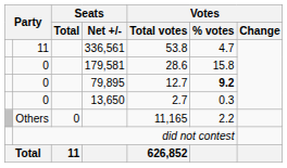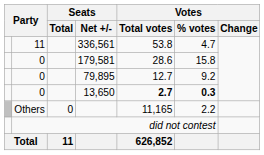 <table class="wikitable" style="text-align:right; font-size:95%;">
 <tr>
 <th colspan="2" rowspan="2">Party</th>
 <th colspan="2">Seats</th>
 <th colspan="3">Votes</th>
 </tr>
 <tr>
 <th>Total</th>
 <th>Net +/-</th>
 <th>Total votes</th>
 <th>% votes</th>
 <th>Change</th>
 </tr>
 <tr>
 <td></td>
 <td>11</td>
 <td></td>
 <td>336,561</td>
 <td>53.8</td>
 <td>4.7</td>
 </tr>
 <tr>
 <td></td>
 <td>0</td>
 <td></td>
 <td>179,581</td>
 <td>28.6</td>
 <td>15.8</td>
 </tr>
 <tr>
 <td></td>
 <td>0</td>
 <td></td>
 <td>79,895</td>
 <td>12.7</td>
-<td><strong>9.2</strong></td>
+<td>9.2</td>
 </tr>
 <tr>
 <td></td>
 <td>0</td>
 <td></td>
 <td>13,650</td>
-<td>2.7</td>
-<td>0.3</td>
+<td><strong>2.7</strong></td>
+<td><strong>0.3</strong></td>
 </tr>
 <tr>
 <td style="background:silver;"> </td>
 <td align=left>Others</td>
 <td>0</td>
 <td></td>
 <td>11,165</td>
 <td>2.2</td>
 <td></td>
 </tr>
 <tr>
 <td></td>
 <td colspan="5"><em>did not contest</em></td>
 </tr>
 <tr>
 <th colspan="2" style="background:#f2f2f2">Total</th>
 <td style="background:#f2f2f2;"><strong>11</strong></td>
 <td style="background:#f2f2f2;"></td>
 <td style="background:#f2f2f2;"><strong>626,852</strong></td>
 <td style="background:#f2f2f2;"></td>
 <td style="background:#f2f2f2;"></td>
 </tr>
 </table>
